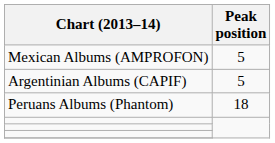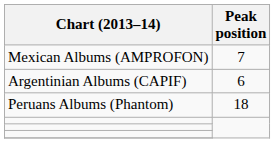 <table class="wikitable sortable">
 <tr>
 <th>Chart (2013–14)</th>
 <th>Peak<br>position</th>
 </tr>
 <tr>
 <td>Mexican Albums (AMPROFON)</td>
-<td style="text-align:center;">5</td>
+<td style="text-align:center;">7</td>
 </tr>
 <tr>
 <td>Argentinian Albums (CAPIF)</td>
-<td style="text-align:center;">5</td>
+<td style="text-align:center;">6</td>
 </tr>
 <tr>
 <td>Peruans Albums (Phantom)</td>
 <td style="text-align:center;">18</td>
 </tr>
 <tr>
 <td></td>
 </tr>
 <tr>
 <td></td>
 </tr>
 <tr>
 <td></td>
 </tr>
 <tr>
 </tr>
 </table>
